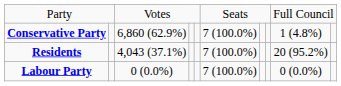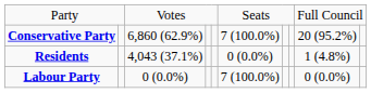 <table class=wikitable style="text-align:center;">
 <tr>
 <td colspan=2>Party</td>
 <td colspan=3>Votes</td>
 <td colspan=3>Seats</td>
 <td colspan=3>Full Council</td>
 </tr>
 <tr>
 <td><strong><a href='#'>Conservative Party</a></strong></td>
 <td style="background:"></td>
 <td>6,860 (62.9%)</td>
 <td></td>
 <td></td>
 <td>7 (100.0%)</td>
 <td></td>
 <td></td>
-<td>1  (4.8%)</td>
+<td>20 (95.2%)</td>
 <td></td>
 </tr>
 <tr>
 <td><strong><a href='#'>Residents</a></strong></td>
 <td style="background:"></td>
 <td>4,043 (37.1%)</td>
 <td></td>
 <td></td>
-<td>7 (100.0%)</td>
+<td>0 (0.0%)</td>
 <td></td>
 <td></td>
-<td>20 (95.2%)</td>
+<td>1  (4.8%)</td>
 <td></td>
 </tr>
 <tr>
 <td><strong><a href='#'>Labour Party</a></strong></td>
 <td style="background:"></td>
 <td>0 (0.0%)</td>
 <td></td>
 <td></td>
 <td>7 (100.0%)</td>
 <td></td>
 <td></td>
 <td>0 (0.0%)</td>
 <td></td>
 </tr>
 </table>
